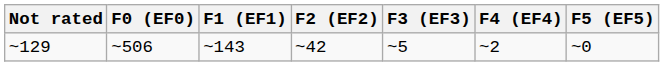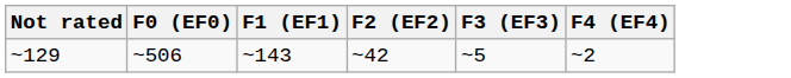 <table class="wikitable mw-collapsible">
 <tr>
 <th>Not rated</th>
 <th style="background-color:#">F0 (EF0)</th>
 <th style="background-color:#">F1 (EF1)</th>
 <th style="background-color:#">F2 (EF2)</th>
 <th style="background-color:#">F3 (EF3)</th>
 <th style="background-color:#">F4 (EF4)</th>
-<th style="background-color:#">F5 (EF5)</th>
 </tr>
 <tr>
 <td>~129</td>
 <td>~506</td>
 <td>~143</td>
 <td>~42</td>
 <td>~5</td>
 <td>~2</td>
-<td>~0</td>
 </tr>
 </table>
